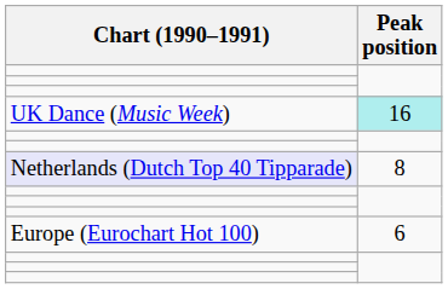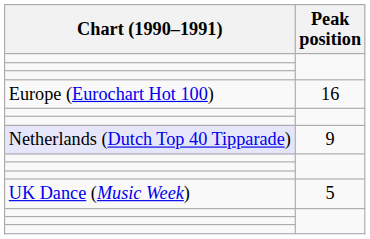 <table class="wikitable sortable plainrowheaders">
 <tr>
 <th>Chart (1990–1991)</th>
 <th>Peak<br>position</th>
 </tr>
 <tr>
 <td></td>
 </tr>
 <tr>
 <td></td>
 </tr>
 <tr>
 <td></td>
 </tr>
 <tr>
-<td><a href='#'>UK Dance</a> (<em><a href='#'>Music Week</a></em>)</td>
-<td align="center" style="background: paleturquoise;">16</td>
+<td>Europe (<a href='#'>Eurochart Hot 100</a>)</td>
+<td align="center">16</td>
 </tr>
 <tr>
 <td></td>
 </tr>
 <tr>
 <td></td>
 </tr>
 <tr>
 <td style="background: lavender;">Netherlands (<a href='#'>Dutch Top 40 Tipparade</a>)</td>
-<td align="center">8</td>
+<td align="center">9</td>
 </tr>
 <tr>
 <td></td>
 </tr>
 <tr>
 <td></td>
 </tr>
 <tr>
 <td></td>
 </tr>
 <tr>
-<td>Europe (<a href='#'>Eurochart Hot 100</a>)</td>
-<td align="center">6</td>
+<td><a href='#'>UK Dance</a> (<em><a href='#'>Music Week</a></em>)</td>
+<td align="center">5</td>
 </tr>
 <tr>
 <td></td>
 </tr>
 <tr>
 <td></td>
 </tr>
 <tr>
 <td></td>
 </tr>
 </table>
